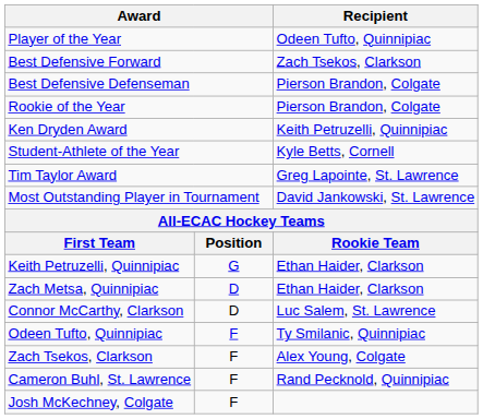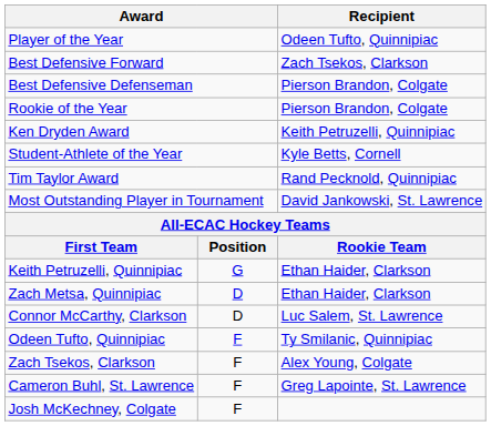 <table class="wikitable">
 <tr>
 <th colspan=2>Award</th>
 <th>Recipient</th>
 </tr>
 <tr>
 <td colspan=2><a href='#'>Player of the Year</a></td>
 <td><a href='#'>Odeen Tufto</a>, <a href='#'>Quinnipiac</a></td>
 </tr>
 <tr>
 <td colspan=2><a href='#'>Best Defensive Forward</a></td>
 <td><a href='#'>Zach Tsekos</a>, <a href='#'>Clarkson</a></td>
 </tr>
 <tr>
 <td colspan=2><a href='#'>Best Defensive Defenseman</a></td>
 <td><a href='#'>Pierson Brandon</a>, <a href='#'>Colgate</a></td>
 </tr>
 <tr>
 <td colspan=2><a href='#'>Rookie of the Year</a></td>
 <td><a href='#'>Pierson Brandon</a>, <a href='#'>Colgate</a></td>
 </tr>
 <tr>
 <td colspan=2><a href='#'>Ken Dryden Award</a></td>
 <td><a href='#'>Keith Petruzelli</a>, <a href='#'>Quinnipiac</a></td>
 </tr>
 <tr>
 <td colspan=2><a href='#'>Student-Athlete of the Year</a></td>
 <td><a href='#'>Kyle Betts</a>, <a href='#'>Cornell</a></td>
 </tr>
 <tr>
 <td colspan=2><a href='#'>Tim Taylor Award</a></td>
-<td><a href='#'>Greg Lapointe</a>, <a href='#'>St. Lawrence</a></td>
+<td><a href='#'>Rand Pecknold</a>, <a href='#'>Quinnipiac</a></td>
 </tr>
 <tr>
 <td colspan=2><a href='#'>Most Outstanding Player in Tournament</a></td>
 <td><a href='#'>David Jankowski</a>, <a href='#'>St. Lawrence</a></td>
 </tr>
 <tr>
 <th colspan=3><a href='#'>All-ECAC Hockey Teams</a></th>
 </tr>
 <tr>
 <th><a href='#'>First Team</a></th>
 <th>  Position  </th>
 <th><a href='#'>Rookie Team</a></th>
 </tr>
 <tr>
 <td><a href='#'>Keith Petruzelli</a>, <a href='#'>Quinnipiac</a></td>
 <td align=center><a href='#'>G</a></td>
 <td><a href='#'>Ethan Haider</a>, <a href='#'>Clarkson</a></td>
 </tr>
 <tr>
 <td><a href='#'>Zach Metsa</a>, <a href='#'>Quinnipiac</a></td>
 <td align=center><a href='#'>D</a></td>
 <td><a href='#'>Ethan Haider</a>, <a href='#'>Clarkson</a></td>
 </tr>
 <tr>
 <td><a href='#'>Connor McCarthy</a>, <a href='#'>Clarkson</a></td>
 <td align=center>D</td>
 <td><a href='#'>Luc Salem</a>, <a href='#'>St. Lawrence</a></td>
 </tr>
 <tr>
 <td><a href='#'>Odeen Tufto</a>, <a href='#'>Quinnipiac</a></td>
 <td align=center><a href='#'>F</a></td>
 <td><a href='#'>Ty Smilanic</a>, <a href='#'>Quinnipiac</a></td>
 </tr>
 <tr>
 <td><a href='#'>Zach Tsekos</a>, <a href='#'>Clarkson</a></td>
 <td align=center>F</td>
 <td><a href='#'>Alex Young</a>, <a href='#'>Colgate</a></td>
 </tr>
 <tr>
 <td><a href='#'>Cameron Buhl</a>, <a href='#'>St. Lawrence</a></td>
 <td align=center>F</td>
-<td><a href='#'>Rand Pecknold</a>, <a href='#'>Quinnipiac</a></td>
+<td><a href='#'>Greg Lapointe</a>, <a href='#'>St. Lawrence</a></td>
 </tr>
 <tr>
 <td><a href='#'>Josh McKechney</a>, <a href='#'>Colgate</a></td>
 <td align=center>F</td>
 <td></td>
 </tr>
 </table>
